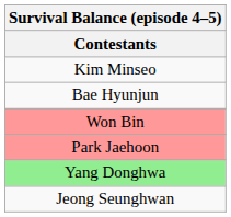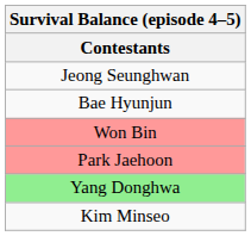 <table class="wikitable" style="text-align:center;">
 <tr>
 <th>Survival Balance (episode 4–5)</th>
 </tr>
 <tr>
 <th>Contestants</th>
 </tr>
 <tr>
-<td>Kim Minseo</td>
+<td>Jeong Seunghwan</td>
 </tr>
 <tr>
 <td>Bae Hyunjun</td>
 </tr>
 <tr>
 <td style="background:#FF9999;">Won Bin</td>
 </tr>
 <tr>
 <td style="background:#FF9999;">Park Jaehoon</td>
 </tr>
 <tr>
 <td style="background: lightgreen;">Yang Donghwa</td>
 </tr>
 <tr>
-<td>Jeong Seunghwan</td>
+<td>Kim Minseo</td>
 </tr>
 </table>
